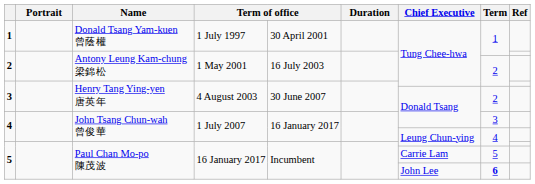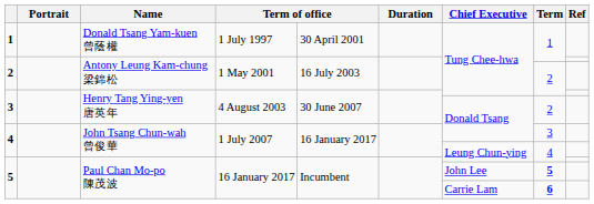 <table class="wikitable"  style="text-align:left">
 <tr>
 <th width=10px></th>
 <th width=80px>Portrait</th>
 <th width=180px>Name</th>
 <th width=180px colspan=2>Term of office</th>
 <th width=80px>Duration</th>
 <th width=120px><a href='#'>Chief Executive</a></th>
 <th>Term</th>
 <th>Ref</th>
 </tr>
 <tr>
 <td style="background:"><strong>1</strong></td>
 <td></td>
 <td><a href='#'>Donald Tsang Yam-kuen</a><br>曾蔭權</td>
 <td>1 July 1997</td>
 <td>30 April 2001</td>
 <td></td>
 <td rowspan=4><a href='#'>Tung Chee-hwa</a><br></td>
 <td rowspan=2 align=center><a href='#'>1</a></td>
 <td></td>
 </tr>
 <tr>
 <td rowspan=2 style="background:"><strong>2</strong></td>
 <td rowspan=2></td>
 <td rowspan=2><a href='#'>Antony Leung Kam-chung</a><br>梁錦松</td>
 <td rowspan=2>1 May 2001</td>
 <td rowspan=2>16 July 2003</td>
 <td rowspan=2></td>
 <td></td>
 </tr>
 <tr>
 <td rowspan=2 align=center><a href='#'>2</a></td>
 <td></td>
 </tr>
 <tr>
 <td rowspan=2 style="background:"><strong>3</strong></td>
 <td rowspan=2></td>
 <td rowspan=2><a href='#'>Henry Tang Ying-yen</a><br>唐英年</td>
 <td rowspan=2>4 August 2003</td>
 <td rowspan=2>30 June 2007</td>
 <td rowspan=2></td>
 <td></td>
 </tr>
 <tr>
 <td rowspan=2><a href='#'>Donald Tsang</a><br></td>
 <td align=center><a href='#'>2</a></td>
 <td></td>
 </tr>
 <tr>
 <td rowspan=2 style="background:"><strong>4</strong></td>
 <td rowspan=2></td>
 <td rowspan=2><a href='#'>John Tsang Chun-wah</a><br>曾俊華</td>
 <td rowspan=2>1 July 2007</td>
 <td rowspan=2>16 January 2017</td>
 <td rowspan=2></td>
 <td align=center><a href='#'>3</a></td>
 <td></td>
 </tr>
 <tr>
 <td rowspan=2><a href='#'>Leung Chun-ying</a><br></td>
 <td rowspan=2 align=center><a href='#'>4</a></td>
 <td></td>
 </tr>
 <tr>
 <td rowspan=3 style="background:"><strong>5</strong></td>
 <td rowspan=3></td>
 <td rowspan=3><a href='#'>Paul Chan Mo-po</a><br>陳茂波</td>
 <td rowspan=3>16 January 2017</td>
 <td rowspan=3>Incumbent</td>
 <td rowspan=3></td>
 <td></td>
 </tr>
 <tr>
-<td><a href='#'>Carrie Lam</a><br></td>
-<td align=center><a href='#'>5</a></td>
+<td><a href='#'>John Lee</a><br></td>
+<td align=center><strong><a href='#'>5</a></strong></td>
 <td></td>
 </tr>
 <tr>
-<td><a href='#'>John Lee</a><br></td>
+<td><a href='#'>Carrie Lam</a><br></td>
 <td align=center><strong><a href='#'>6</a></strong></td>
 <td></td>
 </tr>
 </table>
